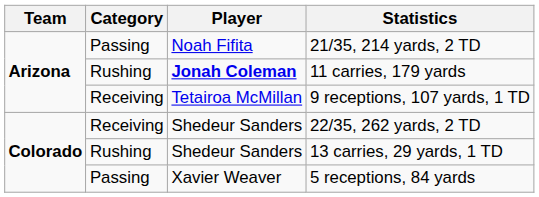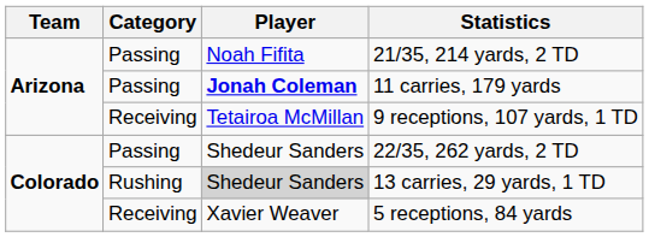 <table class="wikitable" style="float: right;">
 <tr>
 <th>Team</th>
 <th>Category</th>
 <th>Player</th>
 <th>Statistics</th>
 </tr>
 <tr>
 <td rowspan=3><strong>Arizona</strong></td>
 <td>Passing</td>
 <td><a href='#'>Noah Fifita</a></td>
 <td>21/35, 214 yards, 2 TD</td>
 </tr>
 <tr>
-<td>Rushing</td>
+<td>Passing</td>
 <td><strong><a href='#'>Jonah Coleman</a></strong></td>
 <td>11 carries, 179 yards</td>
 </tr>
 <tr>
 <td>Receiving</td>
 <td><a href='#'>Tetairoa McMillan</a></td>
 <td>9 receptions, 107 yards, 1 TD</td>
 </tr>
 <tr>
 <td rowspan=3><strong>Colorado</strong></td>
-<td>Receiving</td>
+<td>Passing</td>
 <td>Shedeur Sanders</td>
 <td>22/35, 262 yards, 2 TD</td>
 </tr>
 <tr>
 <td>Rushing</td>
-<td>Shedeur Sanders</td>
+<td style="background: lightgrey;">Shedeur Sanders</td>
 <td>13 carries, 29 yards, 1 TD</td>
 </tr>
 <tr>
-<td>Passing</td>
+<td>Receiving</td>
 <td>Xavier Weaver</td>
 <td>5 receptions, 84 yards</td>
 </tr>
 </table>
